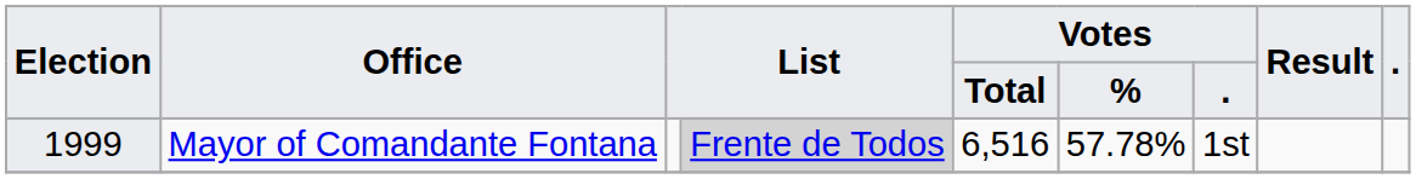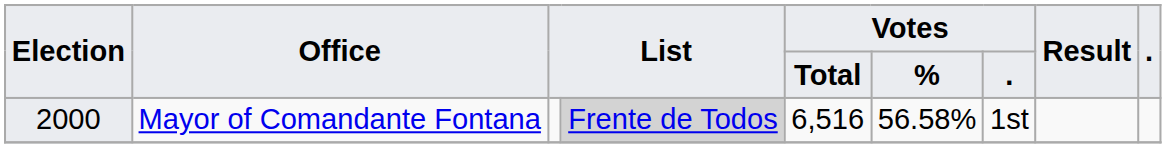 <table class="wikitable" style="font-size:90%; text-align:center;">
 <tr>
 <th style="background-color:#EAECF0;" rowspan=2>Election</th>
 <th style="background-color:#EAECF0;" rowspan=2>Office</th>
 <th style="background-color:#EAECF0;" colspan=2 rowspan=2>List</th>
 <th style="background-color:#EAECF0;" colspan=3>Votes</th>
 <th style="background-color:#EAECF0;" rowspan=2>Result</th>
 <th style="background-color:#EAECF0;" rowspan=2>.</th>
 </tr>
 <tr>
 <th style="background-color:#EAECF0;">Total</th>
 <th style="background-color:#EAECF0;">%</th>
 <th style="background-color:#EAECF0;">.</th>
 </tr>
 <tr>
-<td style="background-color:#EAECF0;">1999</td>
+<td style="background-color:#EAECF0;">2000</td>
 <td><a href='#'>Mayor of Comandante Fontana</a></td>
 <td style="background-color:"></td>
 <td style="background: lightgrey;"><a href='#'>Frente de Todos</a></td>
 <td>6,516</td>
-<td>57.78%</td>
+<td>56.58%</td>
 <td>1st</td>
 <td></td>
 <td></td>
 </tr>
 <tr>
 </tr>
 </table>
